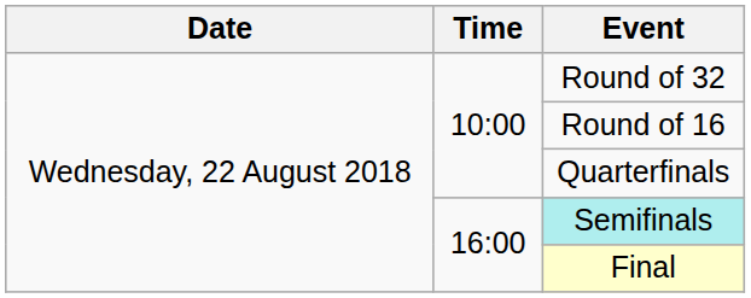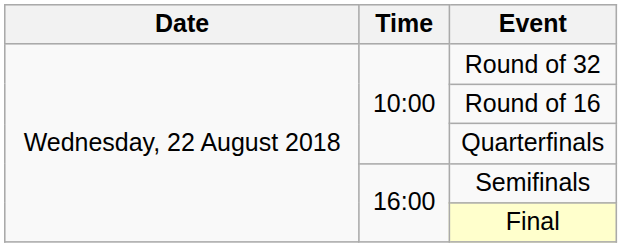 <table class = "wikitable" style="text-align:center;">
 <tr>
 <th width=220>Date</th>
 <th width=50>Time</th>
 <th width=100>Event</th>
 </tr>
 <tr>
 <td rowspan=5>Wednesday, 22 August 2018</td>
 <td rowspan=3>10:00</td>
 <td>Round of 32</td>
 </tr>
 <tr>
 <td>Round of 16</td>
 </tr>
 <tr>
 <td>Quarterfinals</td>
 </tr>
 <tr>
 <td rowspan=2>16:00</td>
-<td style="background: paleturquoise;">Semifinals</td>
+<td>Semifinals</td>
 </tr>
 <tr>
 <td bgcolor=ffffcc>Final</td>
 </tr>
 </table>
